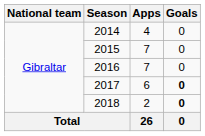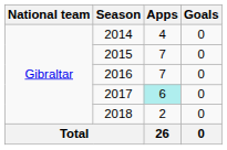 <table class="wikitable" style="text-align: center">
 <tr>
 <th>National team</th>
 <th>Season</th>
 <th>Apps</th>
 <th>Goals</th>
 </tr>
 <tr>
 <td rowspan=5><a href='#'>Gibraltar</a></td>
 <td>2014</td>
 <td>4</td>
 <td>0</td>
 </tr>
 <tr>
 <td>2015</td>
 <td>7</td>
 <td>0</td>
 </tr>
 <tr>
 <td>2016</td>
 <td>7</td>
 <td>0</td>
 </tr>
 <tr>
 <td>2017</td>
-<td>6</td>
-<td><strong>0</strong></td>
+<td style="background: paleturquoise;">6</td>
+<td>0</td>
 </tr>
 <tr>
 <td>2018</td>
 <td>2</td>
-<td><strong>0</strong></td>
+<td>0</td>
 </tr>
 <tr>
 <th colspan="2">Total</th>
 <th>26</th>
 <th>0</th>
 </tr>
 </table>
